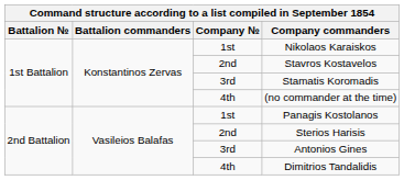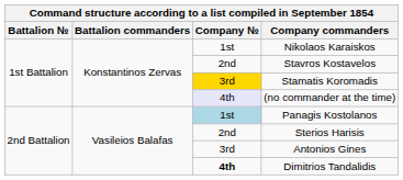 <table class="wikitable" style="text-align:center">
 <tr>
 <th colspan="4">Command structure according to a list compiled in September 1854</th>
 </tr>
 <tr>
 <th width="">Battalion №</th>
 <th>Battalion commanders</th>
 <th>Company №</th>
 <th>Company commanders</th>
 </tr>
 <tr>
 <td rowspan="4">1st Battalion</td>
 <td rowspan="4">Konstantinos Zervas</td>
 <td>1st</td>
 <td>Nikolaos Karaiskos</td>
 </tr>
 <tr>
 <td>2nd</td>
 <td>Stavros Kostavelos</td>
 </tr>
 <tr>
-<td>3rd</td>
+<td style="background: gold;">3rd</td>
 <td>Stamatis Koromadis</td>
 </tr>
 <tr>
-<td>4th</td>
+<td style="background: lavender;">4th</td>
 <td>(no commander at the time)</td>
 </tr>
 <tr>
 <td rowspan="4">2nd Battalion</td>
 <td rowspan="4">Vasileios Balafas</td>
-<td>1st</td>
+<td style="background: lightblue;">1st</td>
 <td>Panagis Kostolanos</td>
 </tr>
 <tr>
 <td>2nd</td>
 <td>Sterios Harisis</td>
 </tr>
 <tr>
 <td>3rd</td>
 <td>Antonios Gines</td>
 </tr>
 <tr>
-<td>4th</td>
+<td><strong>4th</strong></td>
 <td>Dimitrios Tandalidis</td>
 </tr>
 </table>
